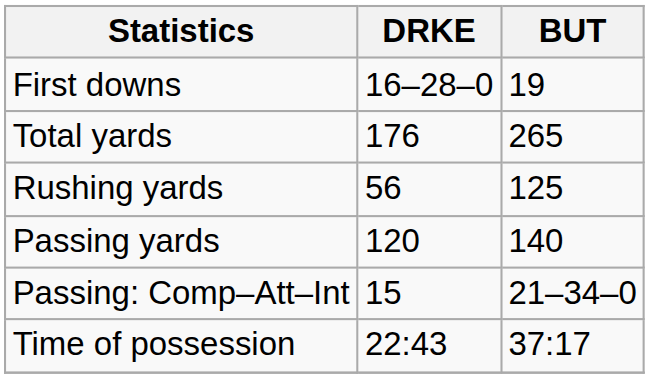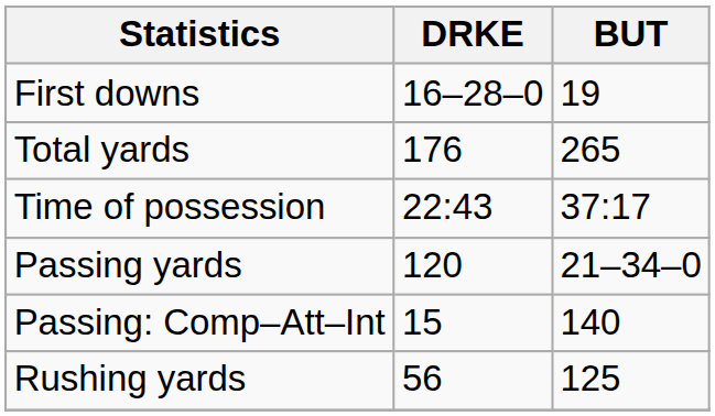 <table class="wikitable" style="float: left;">
 <tr>
 <th>Statistics</th>
 <th>DRKE</th>
 <th>BUT</th>
 </tr>
 <tr>
 <td>First downs</td>
 <td>16–28–0</td>
 <td>19</td>
 </tr>
 <tr>
 <td>Total yards</td>
 <td>176</td>
 <td>265</td>
 </tr>
 <tr>
+<td>Time of possession</td>
+<td>22:43</td>
+<td>37:17</td>
+</tr>
+<tr>
+<td>Passing yards</td>
+<td>120</td>
+<td>21–34–0</td>
+</tr>
+<tr>
+<td>Passing: Comp–Att–Int</td>
+<td>15</td>
+<td>140</td>
+</tr>
+<tr>
 <td>Rushing yards</td>
 <td>56</td>
 <td>125</td>
 </tr>
 <tr>
-<td>Passing yards</td>
-<td>120</td>
-<td>140</td>
-</tr>
-<tr>
-<td>Passing: Comp–Att–Int</td>
-<td>15</td>
-<td>21–34–0</td>
-</tr>
-<tr>
-<td>Time of possession</td>
-<td>22:43</td>
-<td>37:17</td>
-</tr>
-<tr>
 </tr>
 </table>
